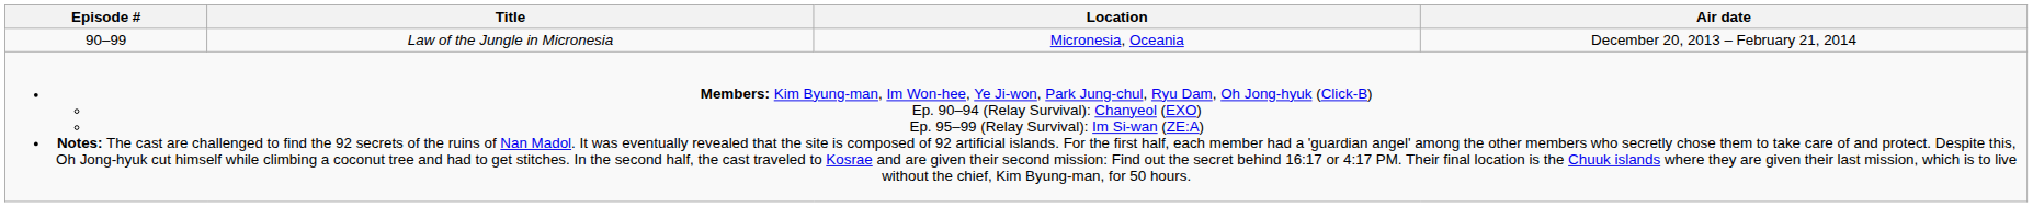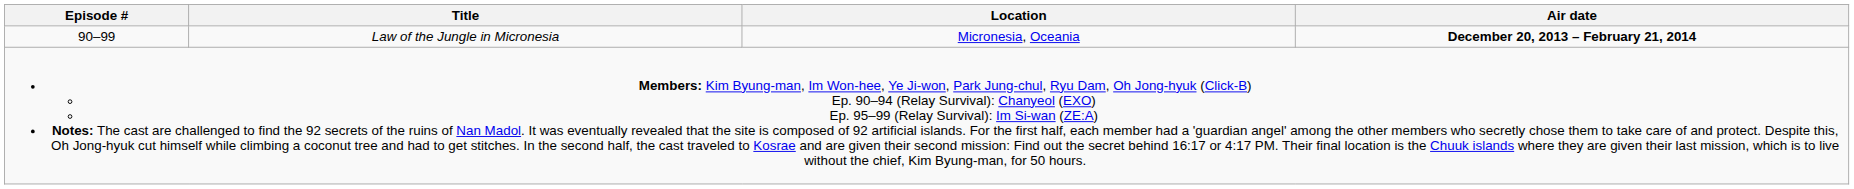 <table class="wikitable" style="text-align:center; font-size:90%; width:100%;">
 <tr>
 <th width="10%">Episode #</th>
 <th width="30%">Title</th>
 <th width="30%">Location</th>
 <th width="30%">Air date</th>
 </tr>
 <tr>
 <td>90–99</td>
 <td><em>Law of the Jungle in Micronesia</em></td>
 <td><a href='#'>Micronesia</a>, <a href='#'>Oceania</a></td>
-<td>December 20, 2013 – February 21, 2014</td>
+<td><strong>December 20, 2013 – February 21, 2014</strong></td>
 </tr>
 <tr>
 <td colspan="4"><br><ul><li><strong>Members:</strong> <a href='#'>Kim Byung-man</a>, <a href='#'>Im Won-hee</a>, <a href='#'>Ye Ji-won</a>, <a href='#'>Park Jung-chul</a>, <a href='#'>Ryu Dam</a>, <a href='#'>Oh Jong-hyuk</a> (<a href='#'>Click-B</a>)<ul><li>Ep. 90–94 (Relay Survival): <a href='#'>Chanyeol</a> (<a href='#'>EXO</a>)</li><li>Ep. 95–99 (Relay Survival): <a href='#'>Im Si-wan</a> (<a href='#'>ZE:A</a>)</li></ul></li><li><strong>Notes:</strong> The cast are challenged to find the 92 secrets of the ruins of <a href='#'>Nan Madol</a>. It was eventually revealed that the site is composed of 92 artificial islands. For the first half, each member had a 'guardian angel' among the other members who secretly chose them to take care of and protect. Despite this, Oh Jong-hyuk cut himself while climbing a coconut tree and had to get stitches. In the second half, the cast traveled to <a href='#'>Kosrae</a> and are given their second mission: Find out the secret behind 16:17 or 4:17 PM. Their final location is the <a href='#'>Chuuk islands</a> where they are given their last mission, which is to live without the chief, Kim Byung-man, for 50 hours.</li></ul></td>
 </tr>
 </table>
